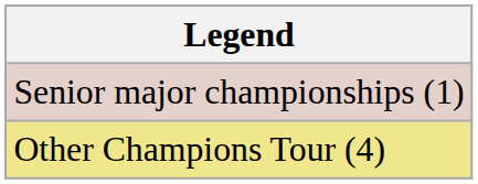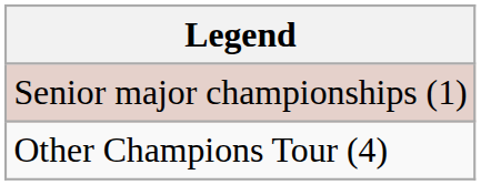 <table class="wikitable" style="font-size:95%;">
 <tr>
 <th>Legend</th>
 </tr>
 <tr style="background:#e5d1cb;">
 <td>Senior major championships (1)</td>
 </tr>
 <tr>
-<td style="background: khaki;">Other Champions Tour (4)</td>
+<td>Other Champions Tour (4)</td>
 </tr>
 </table>
